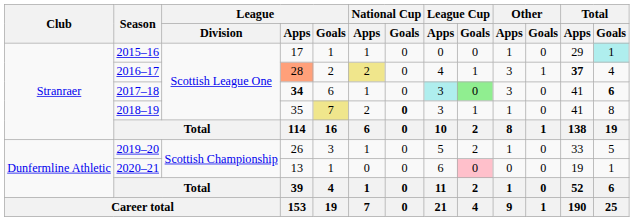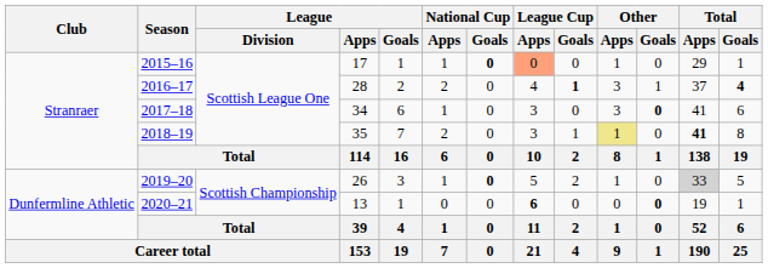 <table class="wikitable" style="text-align: center">
 <tr>
 <th rowspan="2">Club</th>
 <th rowspan="2">Season</th>
 <th colspan="3">League</th>
 <th colspan="2">National Cup</th>
 <th colspan="2">League Cup</th>
 <th colspan="2">Other</th>
 <th colspan="2">Total</th>
 </tr>
 <tr>
 <th>Division</th>
 <th>Apps</th>
 <th>Goals</th>
 <th>Apps</th>
 <th>Goals</th>
 <th>Apps</th>
 <th>Goals</th>
 <th>Apps</th>
 <th>Goals</th>
 <th>Apps</th>
 <th>Goals</th>
 </tr>
 <tr>
 <td rowspan="5"><a href='#'>Stranraer</a></td>
 <td><a href='#'>2015–16</a></td>
 <td rowspan="4"><a href='#'>Scottish League One</a></td>
 <td>17</td>
 <td>1</td>
 <td>1</td>
-<td>0</td>
-<td>0</td>
+<td><strong>0</strong></td>
+<td style="background: lightsalmon;">0</td>
 <td>0</td>
 <td>1</td>
 <td>0</td>
 <td>29</td>
-<td style="background: paleturquoise;">1</td>
+<td>1</td>
 </tr>
 <tr>
 <td><a href='#'>2016–17</a></td>
-<td style="background: lightsalmon;">28</td>
+<td>28</td>
 <td>2</td>
-<td style="background: khaki;">2</td>
+<td>2</td>
 <td>0</td>
 <td>4</td>
-<td>1</td>
+<td><strong>1</strong></td>
 <td>3</td>
 <td>1</td>
-<td><strong>37</strong></td>
-<td>4</td>
+<td>37</td>
+<td><strong>4</strong></td>
 </tr>
 <tr>
 <td><a href='#'>2017–18</a></td>
-<td><strong>34</strong></td>
+<td>34</td>
 <td>6</td>
 <td>1</td>
 <td>0</td>
-<td style="background: paleturquoise;">3</td>
-<td style="background: lightgreen;">0</td>
 <td>3</td>
 <td>0</td>
+<td>3</td>
+<td><strong>0</strong></td>
 <td>41</td>
-<td><strong>6</strong></td>
+<td>6</td>
 </tr>
 <tr>
 <td><a href='#'>2018–19</a></td>
 <td>35</td>
-<td style="background: khaki;">7</td>
+<td>7</td>
 <td>2</td>
-<td><strong>0</strong></td>
+<td>0</td>
 <td>3</td>
 <td>1</td>
-<td>1</td>
+<td style="background: khaki;">1</td>
 <td>0</td>
-<td>41</td>
+<td><strong>41</strong></td>
 <td>8</td>
 </tr>
 <tr>
 <th colspan="2">Total</th>
 <th>114</th>
 <th>16</th>
 <th>6</th>
 <th>0</th>
 <th>10</th>
 <th>2</th>
 <th>8</th>
 <th>1</th>
 <th>138</th>
 <th>19</th>
 </tr>
 <tr>
 <td rowspan=3><a href='#'>Dunfermline Athletic</a></td>
 <td><a href='#'>2019–20</a></td>
 <td rowspan=2><a href='#'>Scottish Championship</a></td>
 <td>26</td>
 <td>3</td>
 <td>1</td>
-<td>0</td>
+<td><strong>0</strong></td>
 <td>5</td>
 <td>2</td>
 <td>1</td>
 <td>0</td>
-<td>33</td>
+<td style="background: lightgrey;">33</td>
 <td>5</td>
 </tr>
 <tr>
 <td><a href='#'>2020–21</a></td>
 <td>13</td>
 <td>1</td>
 <td>0</td>
 <td>0</td>
-<td>6</td>
-<td style="background: pink;">0</td>
+<td><strong>6</strong></td>
 <td>0</td>
 <td>0</td>
+<td><strong>0</strong></td>
 <td>19</td>
 <td>1</td>
 </tr>
 <tr>
 <th colspan="2">Total</th>
 <th>39</th>
 <th>4</th>
 <th>1</th>
 <th>0</th>
 <th>11</th>
 <th>2</th>
 <th>1</th>
 <th>0</th>
 <th>52</th>
 <th>6</th>
 </tr>
 <tr>
 <th colspan="3">Career total</th>
 <th>153</th>
 <th>19</th>
 <th>7</th>
 <th>0</th>
 <th>21</th>
 <th>4</th>
 <th>9</th>
 <th>1</th>
 <th>190</th>
 <th>25</th>
 </tr>
 </table>
